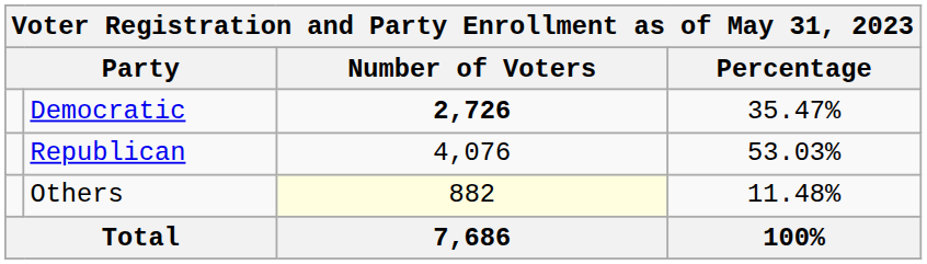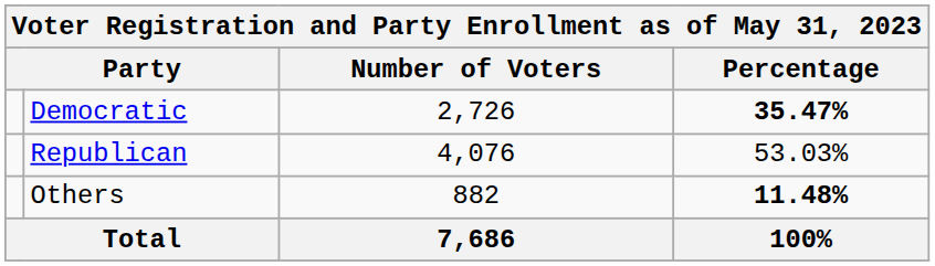 <table class=wikitable>
 <tr>
 <th colspan = 6>Voter Registration and Party Enrollment as of May 31, 2023</th>
 </tr>
 <tr>
 <th colspan = 2>Party</th>
 <th>Number of Voters</th>
 <th>Percentage</th>
 </tr>
 <tr>
 <td></td>
 <td><a href='#'>Democratic</a></td>
-<td align = center><strong>2,726</strong></td>
-<td align = center>35.47%</td>
+<td align = center>2,726</td>
+<td align = center><strong>35.47%</strong></td>
 </tr>
 <tr>
 <td></td>
 <td><a href='#'>Republican</a></td>
 <td align = center>4,076</td>
 <td align = center>53.03%</td>
 </tr>
 <tr>
 <td></td>
 <td>Others</td>
-<td align = center style="background: lightyellow;">882</td>
-<td align = center>11.48%</td>
+<td align = center>882</td>
+<td align = center><strong>11.48%</strong></td>
 </tr>
 <tr>
 <th colspan = 2>Total</th>
 <th align = center>7,686</th>
 <th align = center>100%</th>
 </tr>
 </table>
